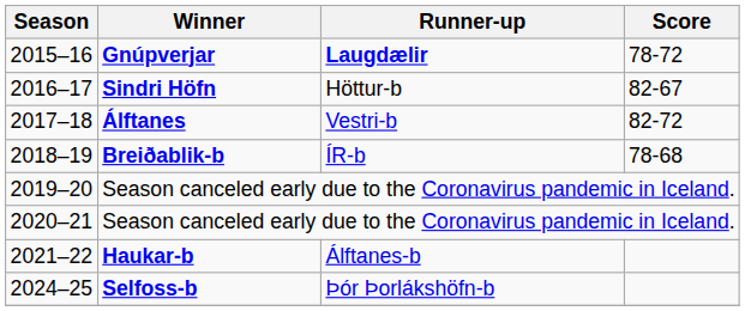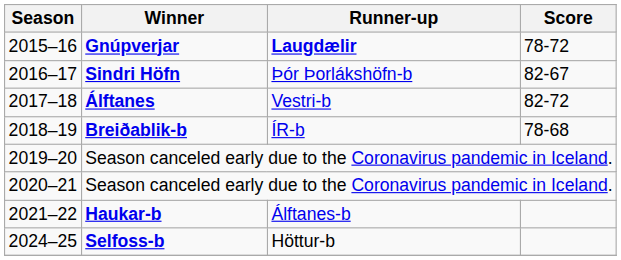 <table class="wikitable">
 <tr>
 <th>Season</th>
 <th>Winner</th>
 <th>Runner-up</th>
 <th>Score</th>
 </tr>
 <tr>
 <td style="text-align:center;">2015–16</td>
 <td><strong><a href='#'>Gnúpverjar</a></strong></td>
 <td><strong><a href='#'>Laugdælir</a></strong></td>
 <td>78-72</td>
 </tr>
 <tr>
 <td style="text-align:center;">2016–17</td>
 <td><strong><a href='#'>Sindri Höfn</a></strong></td>
-<td>Höttur-b</td>
+<td><a href='#'>Þór Þorlákshöfn-b</a></td>
 <td>82-67</td>
 </tr>
 <tr>
 <td style="text-align:center;">2017–18</td>
 <td><strong><a href='#'>Álftanes</a></strong></td>
 <td><a href='#'>Vestri-b</a></td>
 <td>82-72</td>
 </tr>
 <tr>
 <td style="text-align:center;">2018–19</td>
 <td><strong><a href='#'>Breiðablik-b</a></strong></td>
 <td><a href='#'>ÍR-b</a></td>
 <td>78-68</td>
 </tr>
 <tr>
 <td style="text-align:center;">2019–20</td>
 <td colspan=3>Season canceled early due to the <a href='#'>Coronavirus pandemic in Iceland</a>.</td>
 </tr>
 <tr>
 <td style="text-align:center;">2020–21</td>
 <td colspan=3>Season canceled early due to the <a href='#'>Coronavirus pandemic in Iceland</a>.</td>
 </tr>
 <tr>
 <td style="text-align:center;">2021–22</td>
 <td><strong><a href='#'>Haukar-b</a></strong></td>
 <td><a href='#'>Álftanes-b</a></td>
 <td></td>
 </tr>
 <tr>
 <td style="text-align:center;">2024–25</td>
 <td><strong><a href='#'>Selfoss-b</a></strong></td>
-<td><a href='#'>Þór Þorlákshöfn-b</a></td>
+<td>Höttur-b</td>
 <td></td>
 </tr>
 <tr>
 </tr>
 </table>
